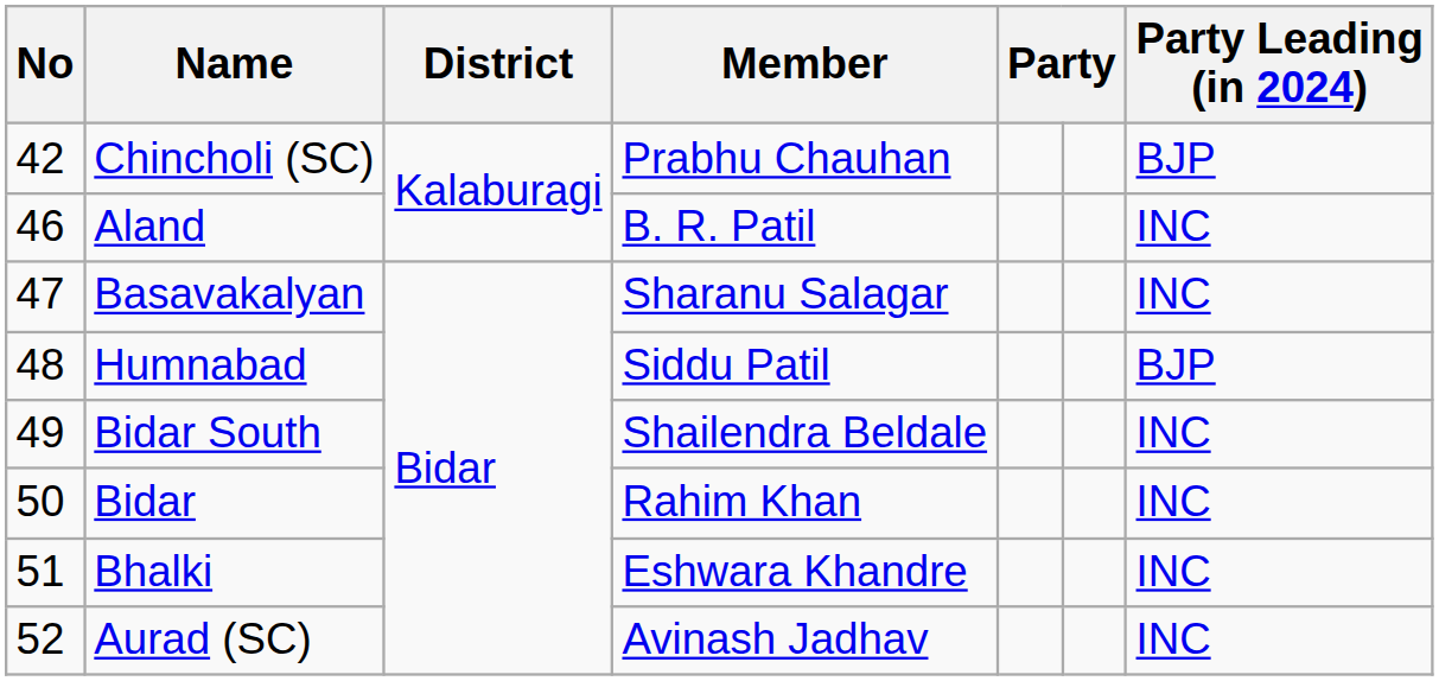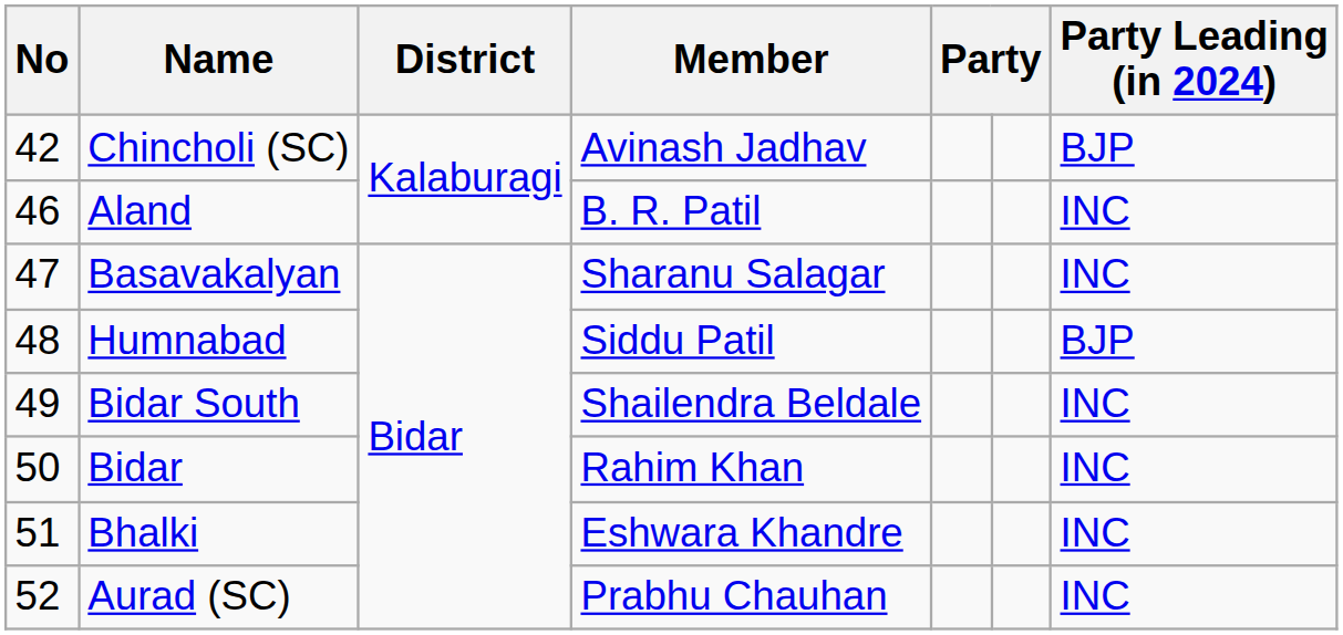 <table class="wikitable">
 <tr>
 <th>No</th>
 <th>Name</th>
 <th>District</th>
 <th>Member</th>
 <th colspan="2">Party</th>
 <th colspan="2">Party Leading<br>(in <a href='#'>2024</a>)</th>
 </tr>
 <tr>
 <td>42</td>
 <td><a href='#'>Chincholi</a> (SC)</td>
 <td rowspan="2"><a href='#'>Kalaburagi</a></td>
-<td><a href='#'>Prabhu Chauhan</a></td>
+<td><a href='#'>Avinash Jadhav</a></td>
 <td></td>
 <td style="background-color: "></td>
 <td><a href='#'>BJP</a></td>
 </tr>
 <tr>
 <td>46</td>
 <td><a href='#'>Aland</a></td>
 <td><a href='#'>B. R. Patil</a></td>
 <td></td>
 <td style="background-color: "></td>
 <td><a href='#'>INC</a></td>
 </tr>
 <tr>
 <td>47</td>
 <td><a href='#'>Basavakalyan</a></td>
 <td rowspan="6"><a href='#'>Bidar</a></td>
 <td><a href='#'>Sharanu Salagar</a></td>
 <td></td>
 <td style="background-color: "></td>
 <td><a href='#'>INC</a></td>
 </tr>
 <tr>
 <td>48</td>
 <td><a href='#'>Humnabad</a></td>
 <td><a href='#'>Siddu Patil</a></td>
 <td></td>
 <td style="background-color: "></td>
 <td><a href='#'>BJP</a></td>
 </tr>
 <tr>
 <td>49</td>
 <td><a href='#'>Bidar South</a></td>
 <td><a href='#'>Shailendra Beldale</a></td>
 <td></td>
 <td style="background-color: "></td>
 <td><a href='#'>INC</a></td>
 </tr>
 <tr>
 <td>50</td>
 <td><a href='#'>Bidar</a></td>
 <td><a href='#'>Rahim Khan</a></td>
 <td></td>
 <td style="background-color: "></td>
 <td><a href='#'>INC</a></td>
 </tr>
 <tr>
 <td>51</td>
 <td><a href='#'>Bhalki</a></td>
 <td><a href='#'>Eshwara Khandre</a></td>
 <td></td>
 <td style="background-color: "></td>
 <td><a href='#'>INC</a></td>
 </tr>
 <tr>
 <td>52</td>
 <td><a href='#'>Aurad</a> (SC)</td>
-<td><a href='#'>Avinash Jadhav</a></td>
+<td><a href='#'>Prabhu Chauhan</a></td>
 <td></td>
 <td style="background-color: "></td>
 <td><a href='#'>INC</a></td>
 </tr>
 </table>
